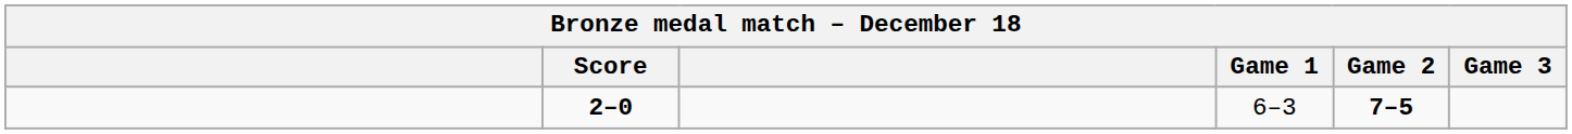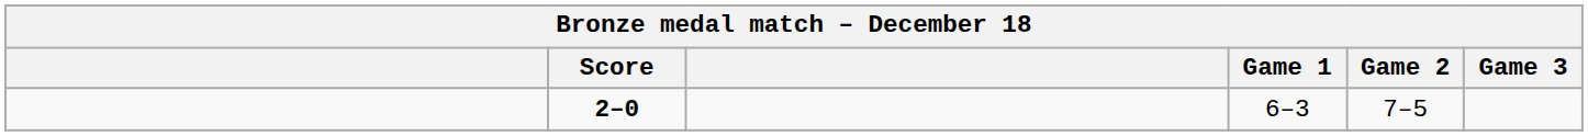 <table class="wikitable" style="text-align: center; font-size:90% ">
 <tr>
 <th colspan=6>Bronze medal match – December 18</th>
 </tr>
 <tr>
 <th align="right" width="250"></th>
 <th width="60">Score</th>
 <th align="left" width="250"></th>
 <th width="50">Game 1</th>
 <th width="50">Game 2</th>
 <th width="50">Game 3</th>
 </tr>
 <tr>
 <td align=left><strong></strong></td>
 <td align=center><strong>2–0</strong></td>
 <td align=left></td>
 <td>6–3</td>
-<td><strong>7–5</strong></td>
+<td>7–5</td>
 <td></td>
 </tr>
 </table>
